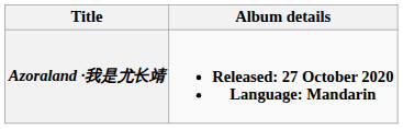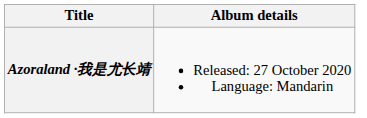 <table class="wikitable plainrowheaders" style="text-align:center;">
 <tr>
 <th scope="col">Title</th>
 <th scope="col">Album details</th>
 </tr>
 <tr>
 <th scope=row><em>Azoraland ·我是尤长靖</em></th>
-<td><strong><br><ul><li>Released: 27 October 2020</li><li>Language: Mandarin</li></ul></strong></td>
+<td><br><ul><li>Released: 27 October 2020</li><li>Language: Mandarin</li></ul></td>
 </tr>
 </table>
